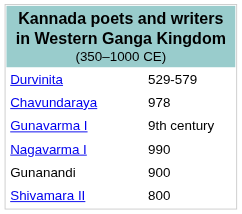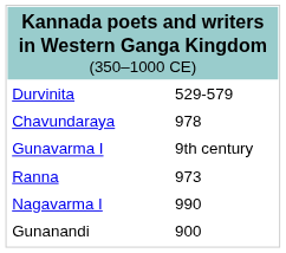 <table width="250" cellpadding="4" cellspacing="1" style="float: right; margin: 0 0 1em 1em; font-family: arial; font-size: 90%; background-color: ##F0F8FF; border: 1px solid #cccccc;">
 <tr>
 <td colspan="2" style="text-align:center;background-color:#99CCCC"><big><strong>Kannada poets and writers in Western Ganga Kingdom</strong></big><br> (350–1000 CE)</td>
 </tr>
 <tr>
 <td><a href='#'>Durvinita</a></td>
 <td>529-579</td>
 </tr>
 <tr>
 <td><a href='#'>Chavundaraya</a></td>
 <td>978</td>
 </tr>
 <tr>
 <td><a href='#'>Gunavarma I</a></td>
 <td>9th century</td>
 </tr>
 <tr>
+<td><a href='#'>Ranna</a></td>
+<td>973</td>
+</tr>
+<tr>
 <td><a href='#'>Nagavarma I</a></td>
 <td>990</td>
 </tr>
 <tr>
 <td>Gunanandi</td>
 <td>900</td>
 </tr>
 <tr>
-<td><a href='#'>Shivamara II</a></td>
-<td>800</td>
-</tr>
-<tr>
 </tr>
 </table>
